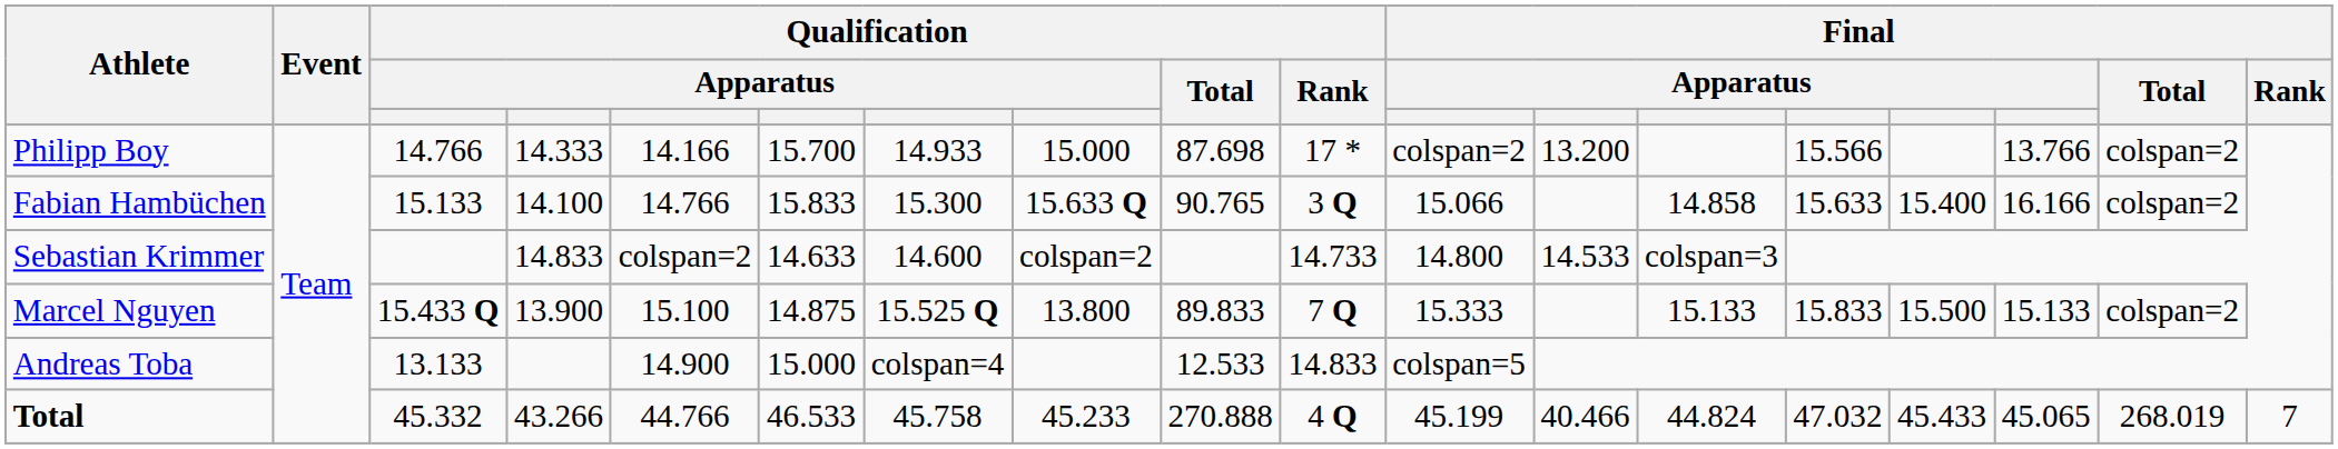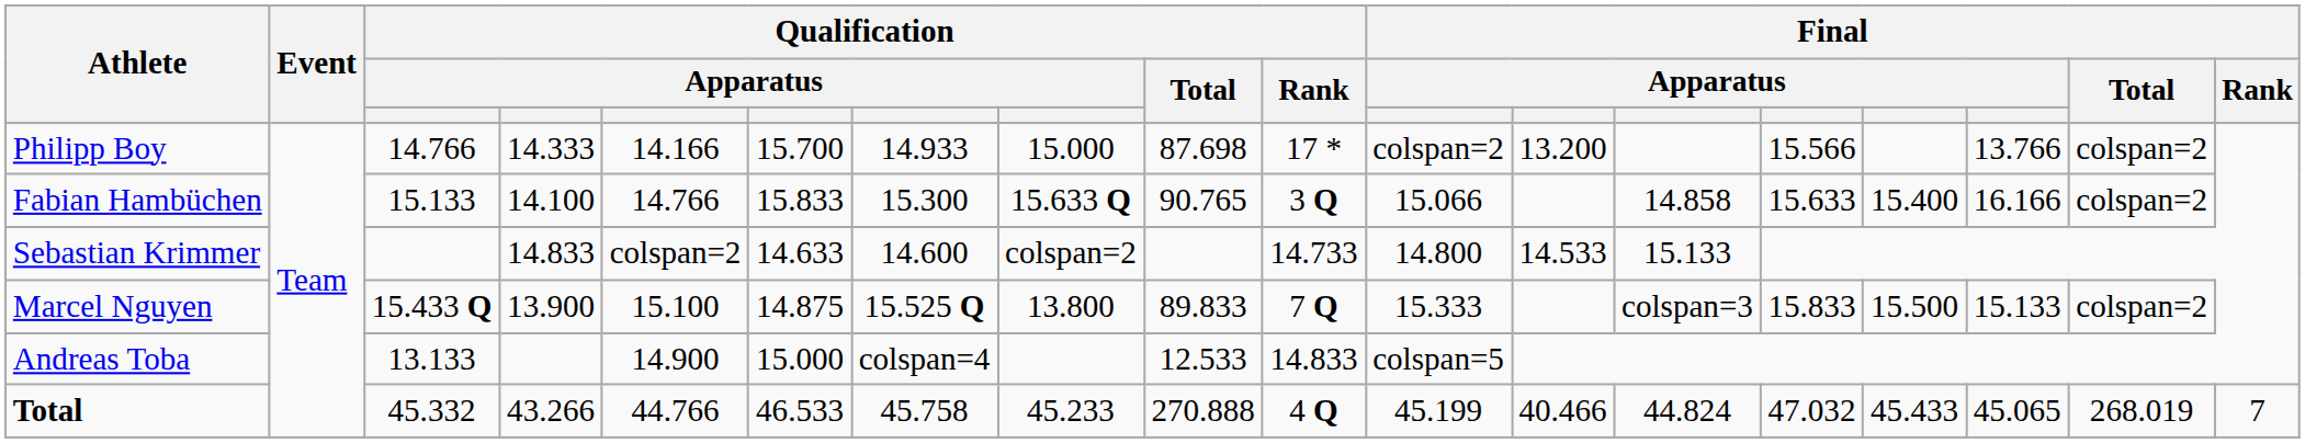 <table class="wikitable" style="font-size:90%">
 <tr>
 <th rowspan=3>Athlete</th>
 <th rowspan=3>Event</th>
 <th colspan =8>Qualification</th>
 <th colspan =8>Final</th>
 </tr>
 <tr style="font-size:95%">
 <th colspan=6>Apparatus</th>
 <th rowspan=2>Total</th>
 <th rowspan=2>Rank</th>
 <th colspan=6>Apparatus</th>
 <th rowspan=2>Total</th>
 <th rowspan=2>Rank</th>
 </tr>
 <tr style="font-size:95%">
 <th></th>
 <th></th>
 <th></th>
 <th></th>
 <th></th>
 <th></th>
 <th></th>
 <th></th>
 <th></th>
 <th></th>
 <th></th>
 <th></th>
 </tr>
 <tr align=center>
 <td align=left><a href='#'>Philipp Boy</a></td>
 <td align=left rowspan=6><a href='#'>Team</a></td>
 <td>14.766</td>
 <td>14.333</td>
 <td>14.166</td>
 <td>15.700</td>
 <td>14.933</td>
 <td>15.000</td>
 <td>87.698</td>
 <td>17 *</td>
 <td>colspan=2 </td>
 <td>13.200</td>
 <td></td>
 <td>15.566</td>
 <td></td>
 <td>13.766</td>
 <td>colspan=2 </td>
 </tr>
 <tr align=center>
 <td align=left><a href='#'>Fabian Hambüchen</a></td>
 <td>15.133</td>
 <td>14.100</td>
 <td>14.766</td>
 <td>15.833</td>
 <td>15.300</td>
 <td>15.633 <strong>Q</strong></td>
 <td>90.765</td>
 <td>3 <strong>Q</strong></td>
 <td>15.066</td>
 <td></td>
 <td>14.858</td>
 <td>15.633</td>
 <td>15.400</td>
 <td>16.166</td>
 <td>colspan=2 </td>
 </tr>
 <tr align=center>
 <td align=left><a href='#'>Sebastian Krimmer</a></td>
 <td></td>
 <td>14.833</td>
 <td>colspan=2 </td>
 <td>14.633</td>
 <td>14.600</td>
 <td>colspan=2 </td>
 <td></td>
 <td>14.733</td>
 <td>14.800</td>
 <td>14.533</td>
-<td>colspan=3 </td>
+<td>15.133</td>
 </tr>
 <tr align=center>
 <td align=left><a href='#'>Marcel Nguyen</a></td>
 <td>15.433 <strong>Q</strong></td>
 <td>13.900</td>
 <td>15.100</td>
 <td>14.875</td>
 <td>15.525 <strong>Q</strong></td>
 <td>13.800</td>
 <td>89.833</td>
 <td>7 <strong>Q</strong></td>
 <td>15.333</td>
 <td></td>
-<td>15.133</td>
+<td>colspan=3 </td>
 <td>15.833</td>
 <td>15.500</td>
 <td>15.133</td>
 <td>colspan=2 </td>
 </tr>
 <tr align=center>
 <td align=left><a href='#'>Andreas Toba</a></td>
 <td>13.133</td>
 <td></td>
 <td>14.900</td>
 <td>15.000</td>
 <td>colspan=4 </td>
 <td></td>
 <td>12.533</td>
 <td>14.833</td>
 <td>colspan=5 </td>
 </tr>
 <tr align=center>
 <td align=left><strong>Total</strong></td>
 <td>45.332</td>
 <td>43.266</td>
 <td>44.766</td>
 <td>46.533</td>
 <td>45.758</td>
 <td>45.233</td>
 <td>270.888</td>
 <td>4 <strong>Q</strong></td>
 <td>45.199</td>
 <td>40.466</td>
 <td>44.824</td>
 <td>47.032</td>
 <td>45.433</td>
 <td>45.065</td>
 <td>268.019</td>
 <td>7</td>
 </tr>
 </table>
